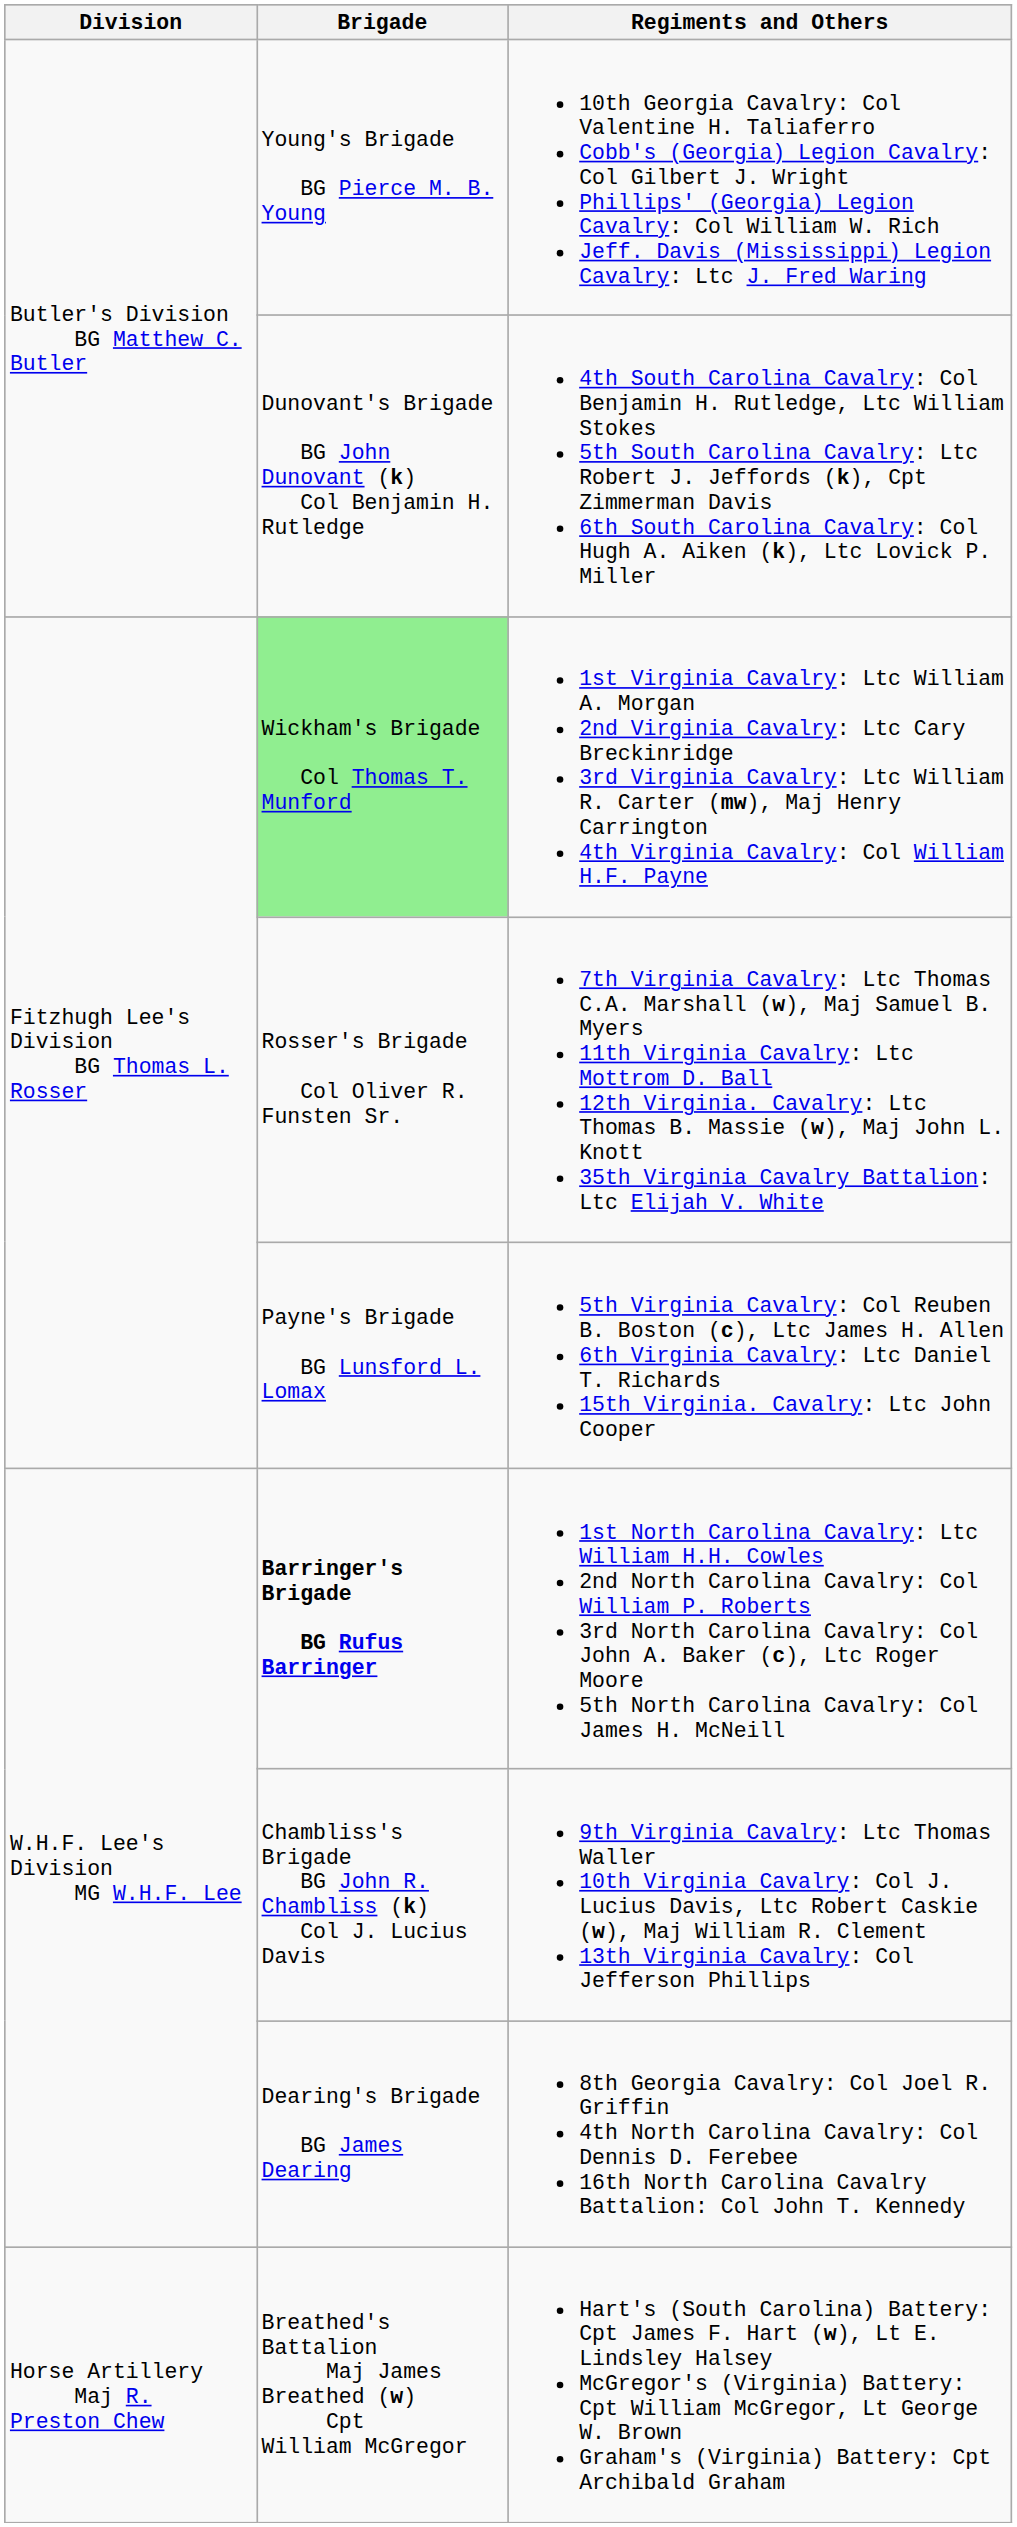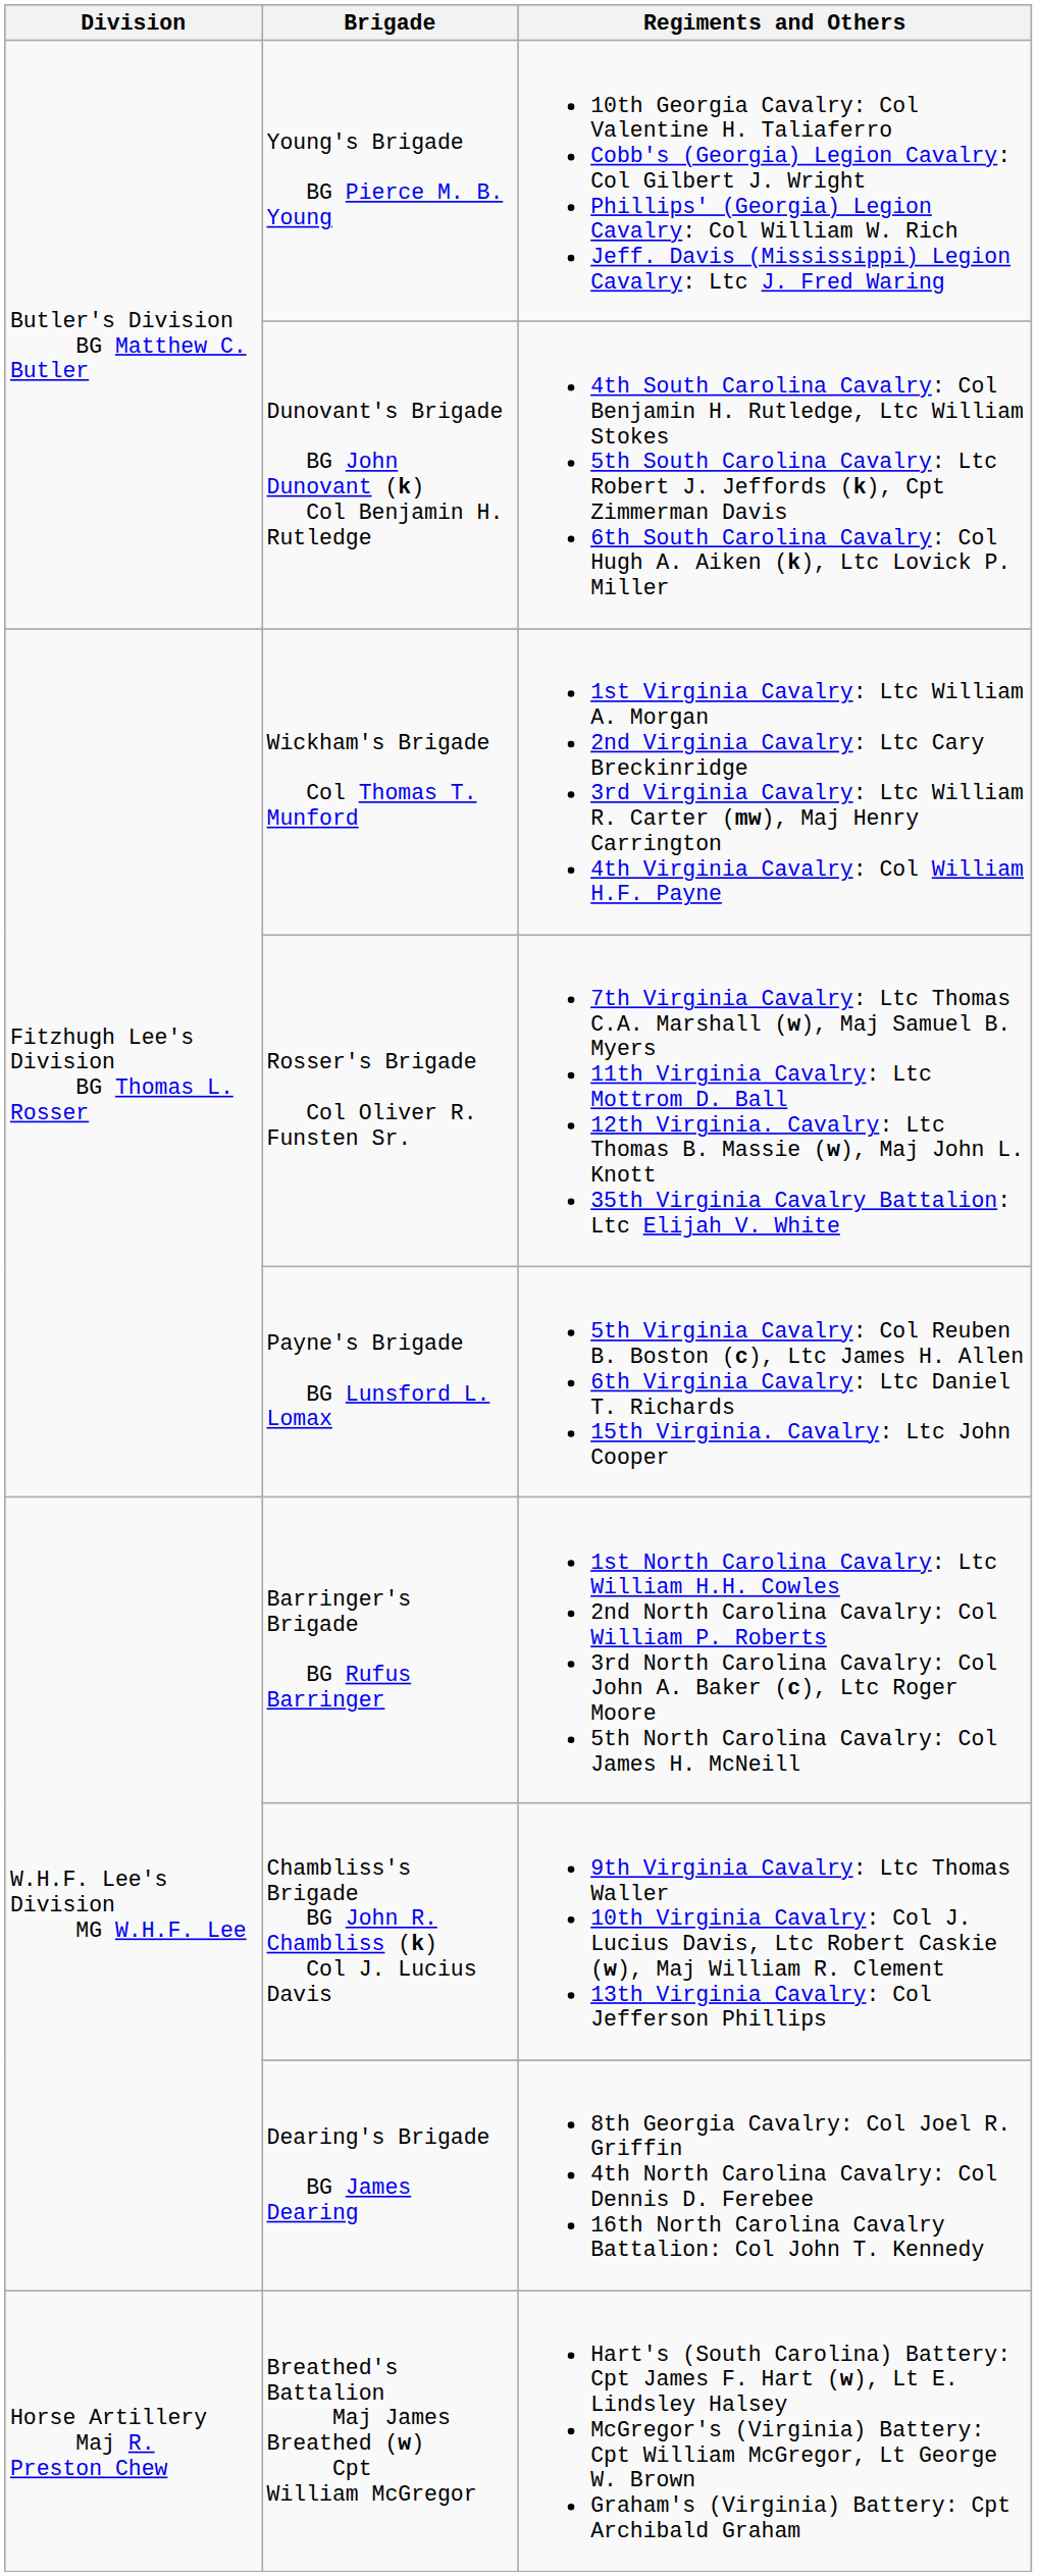 <table class="wikitable">
 <tr>
 <th width=25%>Division</th>
 <th width=25%>Brigade</th>
 <th>Regiments and Others</th>
 </tr>
 <tr>
 <td rowspan=2><br>Butler's Division <br>     BG <a href='#'>Matthew C. Butler</a></td>
 <td>Young's Brigade<br><br>   BG <a href='#'>Pierce M. B. Young</a></td>
 <td><br><ul><li>10th Georgia Cavalry: Col Valentine H. Taliaferro</li><li><a href='#'>Cobb's (Georgia) Legion Cavalry</a>: Col Gilbert J. Wright</li><li><a href='#'>Phillips' (Georgia) Legion Cavalry</a>: Col William W. Rich</li><li><a href='#'>Jeff. Davis (Mississippi) Legion Cavalry</a>: Ltc <a href='#'>J. Fred Waring</a></li></ul></td>
 </tr>
 <tr>
 <td>Dunovant's Brigade<br><br>   BG <a href='#'>John Dunovant</a> (<strong>k</strong>) <br>   Col Benjamin H. Rutledge</td>
 <td><br><ul><li><a href='#'>4th South Carolina Cavalry</a>: Col Benjamin H. Rutledge, Ltc William Stokes</li><li><a href='#'>5th South Carolina Cavalry</a>: Ltc Robert J. Jeffords (<strong>k</strong>), Cpt Zimmerman Davis</li><li><a href='#'>6th South Carolina Cavalry</a>: Col Hugh A. Aiken (<strong>k</strong>), Ltc Lovick P. Miller</li></ul></td>
 </tr>
 <tr>
 <td rowspan=3><br>Fitzhugh Lee's Division <br>     BG <a href='#'>Thomas L. Rosser</a></td>
-<td style="background: lightgreen;">Wickham's Brigade<br><br>   Col <a href='#'>Thomas T. Munford</a></td>
+<td>Wickham's Brigade<br><br>   Col <a href='#'>Thomas T. Munford</a></td>
 <td><br><ul><li><a href='#'>1st Virginia Cavalry</a>: Ltc William A. Morgan</li><li><a href='#'>2nd Virginia   Cavalry</a>: Ltc Cary Breckinridge</li><li><a href='#'>3rd Virginia Cavalry</a>: Ltc William R. Carter (<strong>mw</strong>), Maj Henry Carrington</li><li><a href='#'>4th Virginia Cavalry</a>: Col <a href='#'>William H.F. Payne</a></li></ul></td>
 </tr>
 <tr>
 <td>Rosser's Brigade<br><br>   Col Oliver R. Funsten Sr.</td>
 <td><br><ul><li><a href='#'>7th Virginia Cavalry</a>: Ltc Thomas C.A. Marshall (<strong>w</strong>), Maj Samuel B. Myers</li><li><a href='#'>11th Virginia  Cavalry</a>: Ltc <a href='#'>Mottrom D. Ball</a></li><li><a href='#'>12th Virginia. Cavalry</a>: Ltc Thomas B. Massie (<strong>w</strong>), Maj John L. Knott</li><li><a href='#'>35th Virginia Cavalry Battalion</a>: Ltc <a href='#'>Elijah V. White</a></li></ul></td>
 </tr>
 <tr>
 <td>Payne's Brigade<br><br>   BG <a href='#'>Lunsford L. Lomax</a></td>
 <td><br><ul><li><a href='#'>5th Virginia Cavalry</a>: Col Reuben B. Boston (<strong>c</strong>), Ltc James H. Allen</li><li><a href='#'>6th Virginia Cavalry</a>: Ltc Daniel T. Richards</li><li><a href='#'>15th Virginia. Cavalry</a>: Ltc John Cooper</li></ul></td>
 </tr>
 <tr>
 <td rowspan=3><br>W.H.F. Lee's Division <br>     MG <a href='#'>W.H.F. Lee</a></td>
-<td><strong>Barringer's Brigade<br><br>   BG <a href='#'>Rufus Barringer</a></strong></td>
+<td>Barringer's Brigade<br><br>   BG <a href='#'>Rufus Barringer</a></td>
 <td><br><ul><li><a href='#'>1st North Carolina Cavalry</a>: Ltc <a href='#'>William H.H. Cowles</a></li><li>2nd North Carolina Cavalry: Col <a href='#'>William P. Roberts</a></li><li>3rd North Carolina Cavalry: Col John A. Baker (<strong>c</strong>), Ltc Roger Moore</li><li>5th North Carolina Cavalry: Col James H. McNeill</li></ul></td>
 </tr>
 <tr>
 <td>Chambliss's Brigade<br>   BG   <a href='#'>John R. Chambliss</a> (<strong>k</strong>) <br>   Col J. Lucius Davis</td>
 <td><br><ul><li><a href='#'>9th Virginia Cavalry</a>: Ltc Thomas Waller</li><li><a href='#'>10th Virginia  Cavalry</a>: Col J. Lucius Davis, Ltc Robert Caskie (<strong>w</strong>), Maj William R. Clement</li><li><a href='#'>13th Virginia  Cavalry</a>: Col Jefferson Phillips</li></ul></td>
 </tr>
 <tr>
 <td>Dearing's Brigade<br><br>   BG <a href='#'>James Dearing</a></td>
 <td><br><ul><li>8th Georgia Cavalry: Col Joel R. Griffin</li><li>4th North Carolina Cavalry: Col Dennis D. Ferebee</li><li>16th North Carolina Cavalry Battalion: Col John T. Kennedy</li></ul></td>
 </tr>
 <tr>
 <td rowspan=1><br>Horse Artillery <br>     Maj <a href='#'>R. Preston Chew</a></td>
 <td>Breathed's Battalion<br>     Maj James Breathed (<strong>w</strong>)<br>     Cpt<br>William McGregor</td>
 <td><br><ul><li>Hart's (South Carolina) Battery: Cpt James F. Hart (<strong>w</strong>), Lt E. Lindsley Halsey</li><li>McGregor's (Virginia) Battery: Cpt William McGregor, Lt George W. Brown</li><li>Graham's (Virginia) Battery: Cpt Archibald Graham</li></ul></td>
 </tr>
 </table>
